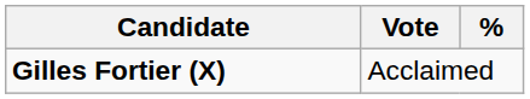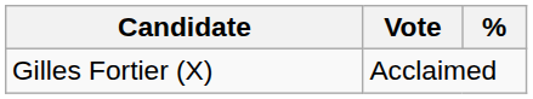 <table class="wikitable">
 <tr>
 <th bgcolor="#DDDDFF" width="200px">Candidate</th>
 <th bgcolor="#DDDDFF" width="50px">Vote</th>
 <th bgcolor="#DDDDFF" width="30px">%</th>
 </tr>
 <tr>
-<td><strong>Gilles Fortier (X)</strong></td>
+<td>Gilles Fortier (X)</td>
 <td colspan="2">Acclaimed</td>
 </tr>
 </table>
